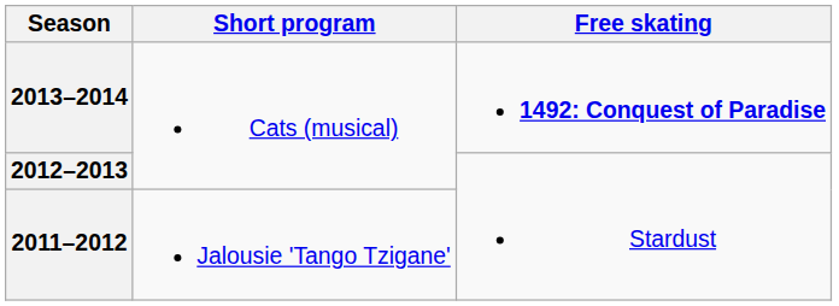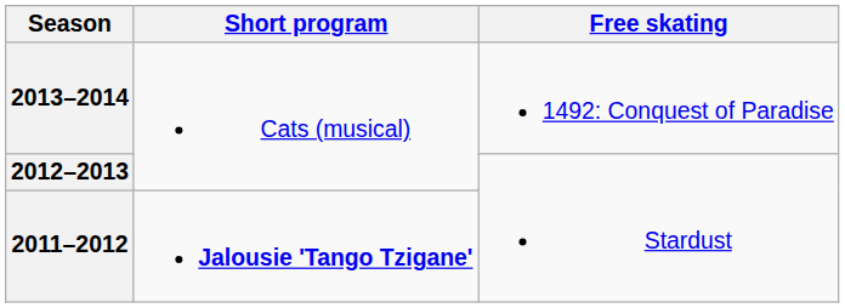 <table class="wikitable" style="text-align:center">
 <tr>
 <th>Season</th>
 <th><a href='#'>Short program</a></th>
 <th><a href='#'>Free skating</a></th>
 </tr>
 <tr>
 <th>2013–2014</th>
 <td rowspan=2><br><ul><li><a href='#'>Cats (musical)</a> <br></li></ul></td>
-<td><strong><br><ul><li><a href='#'>1492: Conquest of Paradise</a> <br></li></ul></strong></td>
+<td><br><ul><li><a href='#'>1492: Conquest of Paradise</a> <br></li></ul></td>
 </tr>
 <tr>
 <th>2012–2013</th>
 <td rowspan=2><br><ul><li><a href='#'>Stardust</a> <br></li></ul></td>
 </tr>
 <tr>
 <th>2011–2012</th>
-<td><br><ul><li><a href='#'>Jalousie 'Tango Tzigane'</a> <br></li></ul></td>
+<td><strong><br><ul><li><a href='#'>Jalousie 'Tango Tzigane'</a> <br></li></ul></strong></td>
 </tr>
 </table>
